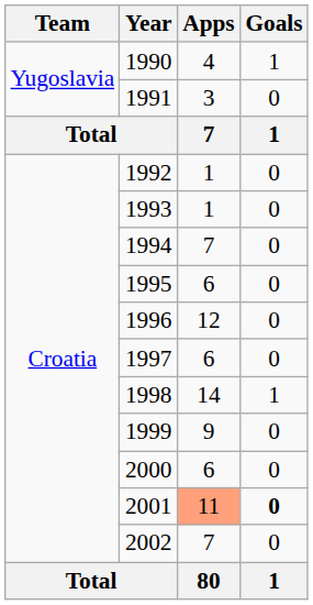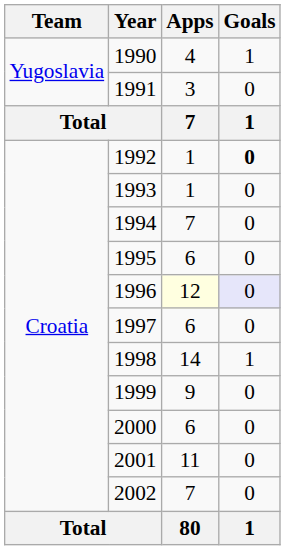 <table class="wikitable" style="text-align:center">
 <tr>
 <th>Team</th>
 <th>Year</th>
 <th>Apps</th>
 <th>Goals</th>
 </tr>
 <tr>
 <td rowspan="2"><a href='#'>Yugoslavia</a></td>
 <td>1990</td>
 <td>4</td>
 <td>1</td>
 </tr>
 <tr>
 <td>1991</td>
 <td>3</td>
 <td>0</td>
 </tr>
 <tr>
 <th colspan="2">Total</th>
 <th>7</th>
 <th>1</th>
 </tr>
 <tr>
 <td rowspan="11"><a href='#'>Croatia</a></td>
 <td>1992</td>
 <td>1</td>
-<td>0</td>
+<td><strong>0</strong></td>
 </tr>
 <tr>
 <td>1993</td>
 <td>1</td>
 <td>0</td>
 </tr>
 <tr>
 <td>1994</td>
 <td>7</td>
 <td>0</td>
 </tr>
 <tr>
 <td>1995</td>
 <td>6</td>
 <td>0</td>
 </tr>
 <tr>
 <td>1996</td>
-<td>12</td>
-<td>0</td>
+<td style="background: lightyellow;">12</td>
+<td style="background: lavender;">0</td>
 </tr>
 <tr>
 <td>1997</td>
 <td>6</td>
 <td>0</td>
 </tr>
 <tr>
 <td>1998</td>
 <td>14</td>
 <td>1</td>
 </tr>
 <tr>
 <td>1999</td>
 <td>9</td>
 <td>0</td>
 </tr>
 <tr>
 <td>2000</td>
 <td>6</td>
 <td>0</td>
 </tr>
 <tr>
 <td>2001</td>
-<td style="background: lightsalmon;">11</td>
-<td><strong>0</strong></td>
+<td>11</td>
+<td>0</td>
 </tr>
 <tr>
 <td>2002</td>
 <td>7</td>
 <td>0</td>
 </tr>
 <tr>
 <th colspan="2">Total</th>
 <th>80</th>
 <th>1</th>
 </tr>
 </table>
